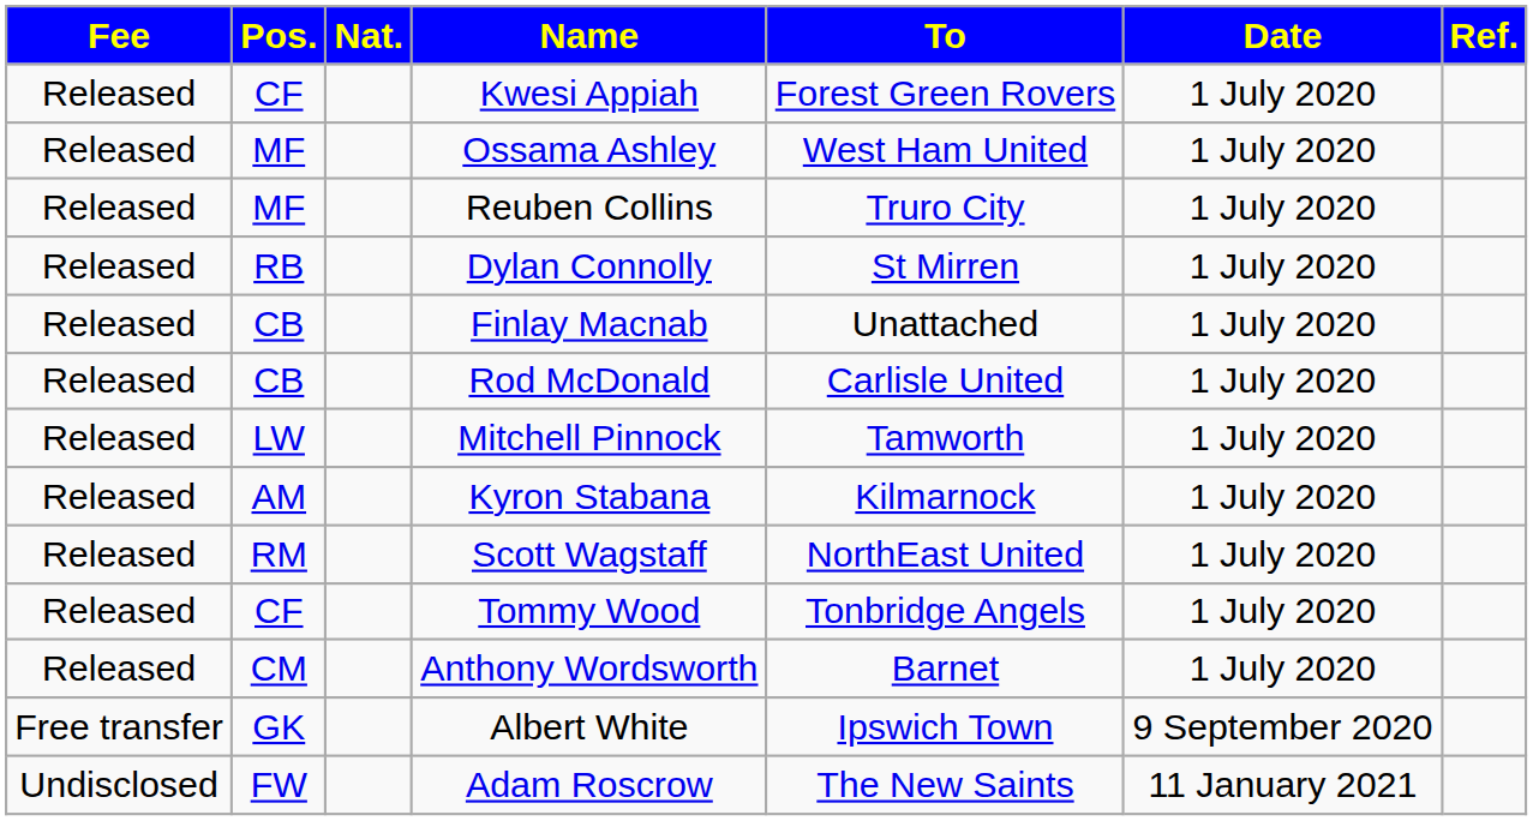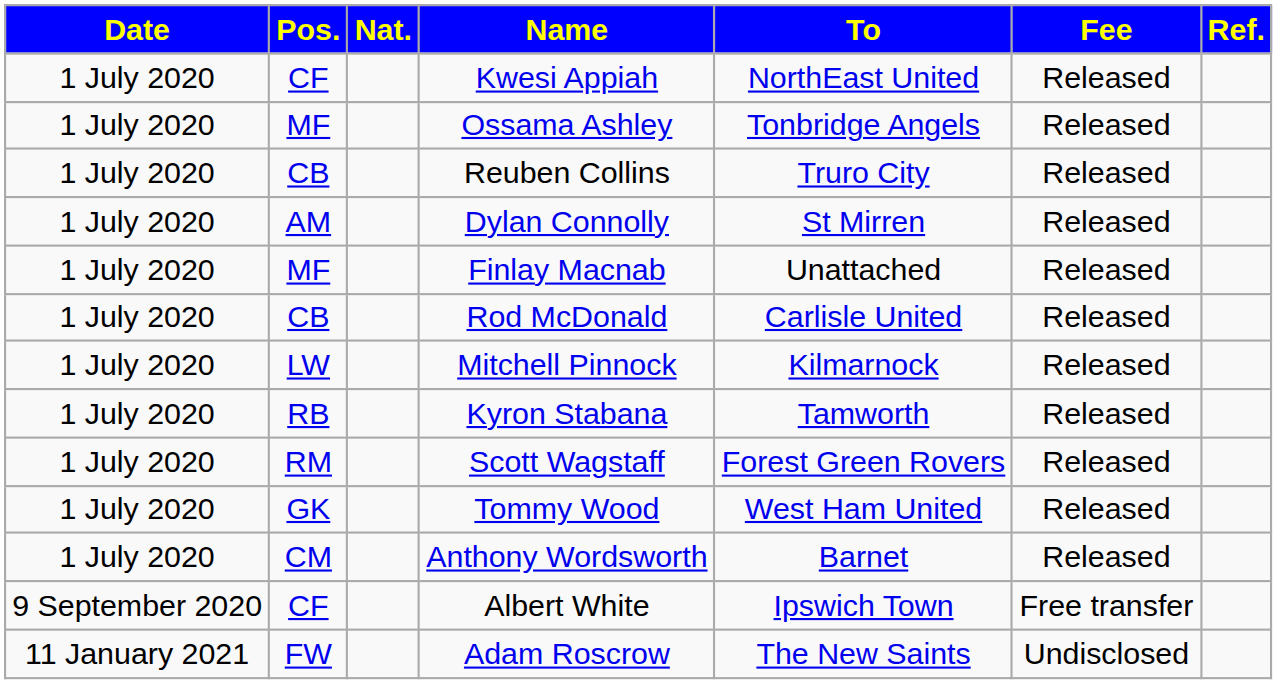 <table class="wikitable"  style="text-align:center; font-size:90%; ">
 <tr>
-<th style="background:#0000ff; color:#FFFF00; ">Fee</th>
+<th style="background:#0000ff; color:#FFFF00; ">Date</th>
 <th style="background:#0000ff; color:#FFFF00; ">Pos.</th>
 <th style="background:#0000ff; color:#FFFF00; ">Nat.</th>
 <th style="background:#0000ff; color:#FFFF00; ">Name</th>
 <th style="background:#0000ff; color:#FFFF00; ">To</th>
-<th style="background:#0000ff; color:#FFFF00; ">Date</th>
+<th style="background:#0000ff; color:#FFFF00; ">Fee</th>
 <th style="background:#0000ff; color:#FFFF00; ">Ref.</th>
 </tr>
 <tr>
-<td>Released</td>
+<td>1 July 2020</td>
 <td><a href='#'>CF</a></td>
 <td></td>
 <td><a href='#'>Kwesi Appiah</a></td>
-<td> <a href='#'>Forest Green Rovers</a></td>
-<td>1 July 2020</td>
+<td> <a href='#'>NorthEast United</a></td>
+<td>Released</td>
 <td></td>
 </tr>
 <tr>
-<td>Released</td>
+<td>1 July 2020</td>
 <td><a href='#'>MF</a></td>
 <td></td>
 <td><a href='#'>Ossama Ashley</a></td>
-<td> <a href='#'>West Ham United</a></td>
-<td>1 July 2020</td>
+<td> <a href='#'>Tonbridge Angels</a></td>
+<td>Released</td>
 <td></td>
 </tr>
 <tr>
-<td>Released</td>
-<td><a href='#'>MF</a></td>
+<td>1 July 2020</td>
+<td><a href='#'>CB</a></td>
 <td></td>
 <td>Reuben Collins</td>
 <td> <a href='#'>Truro City</a></td>
-<td>1 July 2020</td>
+<td>Released</td>
 <td></td>
 </tr>
 <tr>
-<td>Released</td>
-<td><a href='#'>RB</a></td>
+<td>1 July 2020</td>
+<td><a href='#'>AM</a></td>
 <td></td>
 <td><a href='#'>Dylan Connolly</a></td>
 <td> <a href='#'>St Mirren</a></td>
-<td>1 July 2020</td>
+<td>Released</td>
 <td></td>
 </tr>
 <tr>
-<td>Released</td>
-<td><a href='#'>CB</a></td>
+<td>1 July 2020</td>
+<td><a href='#'>MF</a></td>
 <td></td>
 <td><a href='#'>Finlay Macnab</a></td>
 <td> Unattached</td>
-<td>1 July 2020</td>
+<td>Released</td>
 <td></td>
 </tr>
 <tr>
-<td>Released</td>
+<td>1 July 2020</td>
 <td><a href='#'>CB</a></td>
 <td></td>
 <td><a href='#'>Rod McDonald</a></td>
 <td> <a href='#'>Carlisle United</a></td>
-<td>1 July 2020</td>
+<td>Released</td>
 <td></td>
 </tr>
 <tr>
-<td>Released</td>
+<td>1 July 2020</td>
 <td><a href='#'>LW</a></td>
 <td></td>
 <td><a href='#'>Mitchell Pinnock</a></td>
-<td> <a href='#'>Tamworth</a></td>
-<td>1 July 2020</td>
+<td> <a href='#'>Kilmarnock</a></td>
+<td>Released</td>
 <td></td>
 </tr>
 <tr>
-<td>Released</td>
-<td><a href='#'>AM</a></td>
+<td>1 July 2020</td>
+<td><a href='#'>RB</a></td>
 <td></td>
 <td><a href='#'>Kyron Stabana</a></td>
-<td> <a href='#'>Kilmarnock</a></td>
-<td>1 July 2020</td>
+<td> <a href='#'>Tamworth</a></td>
+<td>Released</td>
 <td></td>
 </tr>
 <tr>
-<td>Released</td>
+<td>1 July 2020</td>
 <td><a href='#'>RM</a></td>
 <td></td>
 <td><a href='#'>Scott Wagstaff</a></td>
-<td> <a href='#'>NorthEast United</a></td>
-<td>1 July 2020</td>
+<td> <a href='#'>Forest Green Rovers</a></td>
+<td>Released</td>
 <td></td>
 </tr>
 <tr>
-<td>Released</td>
-<td><a href='#'>CF</a></td>
+<td>1 July 2020</td>
+<td><a href='#'>GK</a></td>
 <td></td>
 <td><a href='#'>Tommy Wood</a></td>
-<td> <a href='#'>Tonbridge Angels</a></td>
-<td>1 July 2020</td>
+<td> <a href='#'>West Ham United</a></td>
+<td>Released</td>
 <td></td>
 </tr>
 <tr>
-<td>Released</td>
+<td>1 July 2020</td>
 <td><a href='#'>CM</a></td>
 <td></td>
 <td><a href='#'>Anthony Wordsworth</a></td>
 <td> <a href='#'>Barnet</a></td>
-<td>1 July 2020</td>
+<td>Released</td>
 <td></td>
 </tr>
 <tr>
-<td>Free transfer</td>
-<td><a href='#'>GK</a></td>
+<td>9 September 2020</td>
+<td><a href='#'>CF</a></td>
 <td></td>
 <td>Albert White</td>
 <td> <a href='#'>Ipswich Town</a></td>
-<td>9 September 2020</td>
+<td>Free transfer</td>
 <td></td>
 </tr>
 <tr>
-<td>Undisclosed</td>
+<td>11 January 2021</td>
 <td><a href='#'>FW</a></td>
 <td></td>
 <td><a href='#'>Adam Roscrow</a></td>
 <td> <a href='#'>The New Saints</a></td>
-<td>11 January 2021</td>
+<td>Undisclosed</td>
 <td></td>
 </tr>
 </table>
